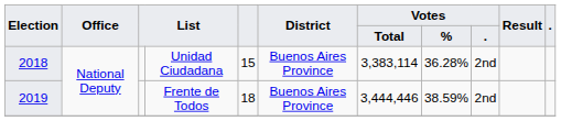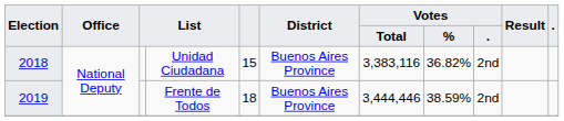 <table class="wikitable" style="font-size:90%; text-align:center;">
 <tr>
 <th style="background-color:#EAECF0;" rowspan=2>Election</th>
 <th style="background-color:#EAECF0;" rowspan=2>Office</th>
 <th style="background-color:#EAECF0;" colspan=2 rowspan=2>List</th>
 <th style="background-color:#EAECF0;" rowspan=2></th>
 <th style="background-color:#EAECF0;" rowspan=2>District</th>
 <th style="background-color:#EAECF0;" colspan=3>Votes</th>
 <th style="background-color:#EAECF0;" rowspan=2>Result</th>
 <th style="background-color:#EAECF0;" rowspan=2>.</th>
 </tr>
 <tr>
 <th style="background-color:#EAECF0;">Total</th>
 <th style="background-color:#EAECF0;">%</th>
 <th style="background-color:#EAECF0;">.</th>
 </tr>
 <tr>
 <td style="background-color:#EAECF0;"><a href='#'>2018</a></td>
 <td rowspan=2><a href='#'>National Deputy</a></td>
 <td style="background-color:"></td>
 <td><a href='#'>Unidad Ciudadana</a></td>
 <td>15</td>
 <td><a href='#'>Buenos Aires Province</a></td>
-<td>3,383,114</td>
-<td>36.28%</td>
+<td>3,383,116</td>
+<td>36.82%</td>
 <td>2nd</td>
 <td></td>
 <td></td>
 </tr>
 <tr>
 <td style="background-color:#EAECF0;"><a href='#'>2019</a></td>
 <td style="background-color:"></td>
 <td><a href='#'>Frente de Todos</a></td>
 <td>18</td>
 <td><a href='#'>Buenos Aires Province</a></td>
 <td>3,444,446</td>
 <td>38.59%</td>
 <td>2nd</td>
 <td></td>
 <td></td>
 </tr>
 <tr>
 </tr>
 </table>
